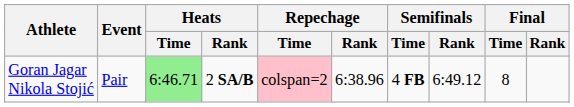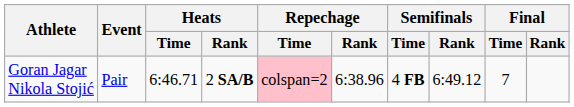 <table class="wikitable" style="font-size:90%">
 <tr>
 <th rowspan="2">Athlete</th>
 <th rowspan="2">Event</th>
 <th colspan="2">Heats</th>
 <th colspan="2">Repechage</th>
 <th colspan="2">Semifinals</th>
 <th colspan="2">Final</th>
 </tr>
 <tr style="font-size:95%">
 <th>Time</th>
 <th>Rank</th>
 <th>Time</th>
 <th>Rank</th>
 <th>Time</th>
 <th>Rank</th>
 <th>Time</th>
 <th>Rank</th>
 </tr>
 <tr align=center>
 <td align=left><a href='#'>Goran Jagar</a> <br><a href='#'>Nikola Stojić</a></td>
 <td align=left><a href='#'>Pair</a></td>
-<td style="background: lightgreen;">6:46.71</td>
+<td>6:46.71</td>
 <td>2 <strong>SA/B</strong></td>
 <td style="background: pink;">colspan=2 </td>
 <td>6:38.96</td>
 <td>4 <strong>FB</strong></td>
 <td>6:49.12</td>
-<td>8</td>
+<td>7</td>
 </tr>
 </table>
